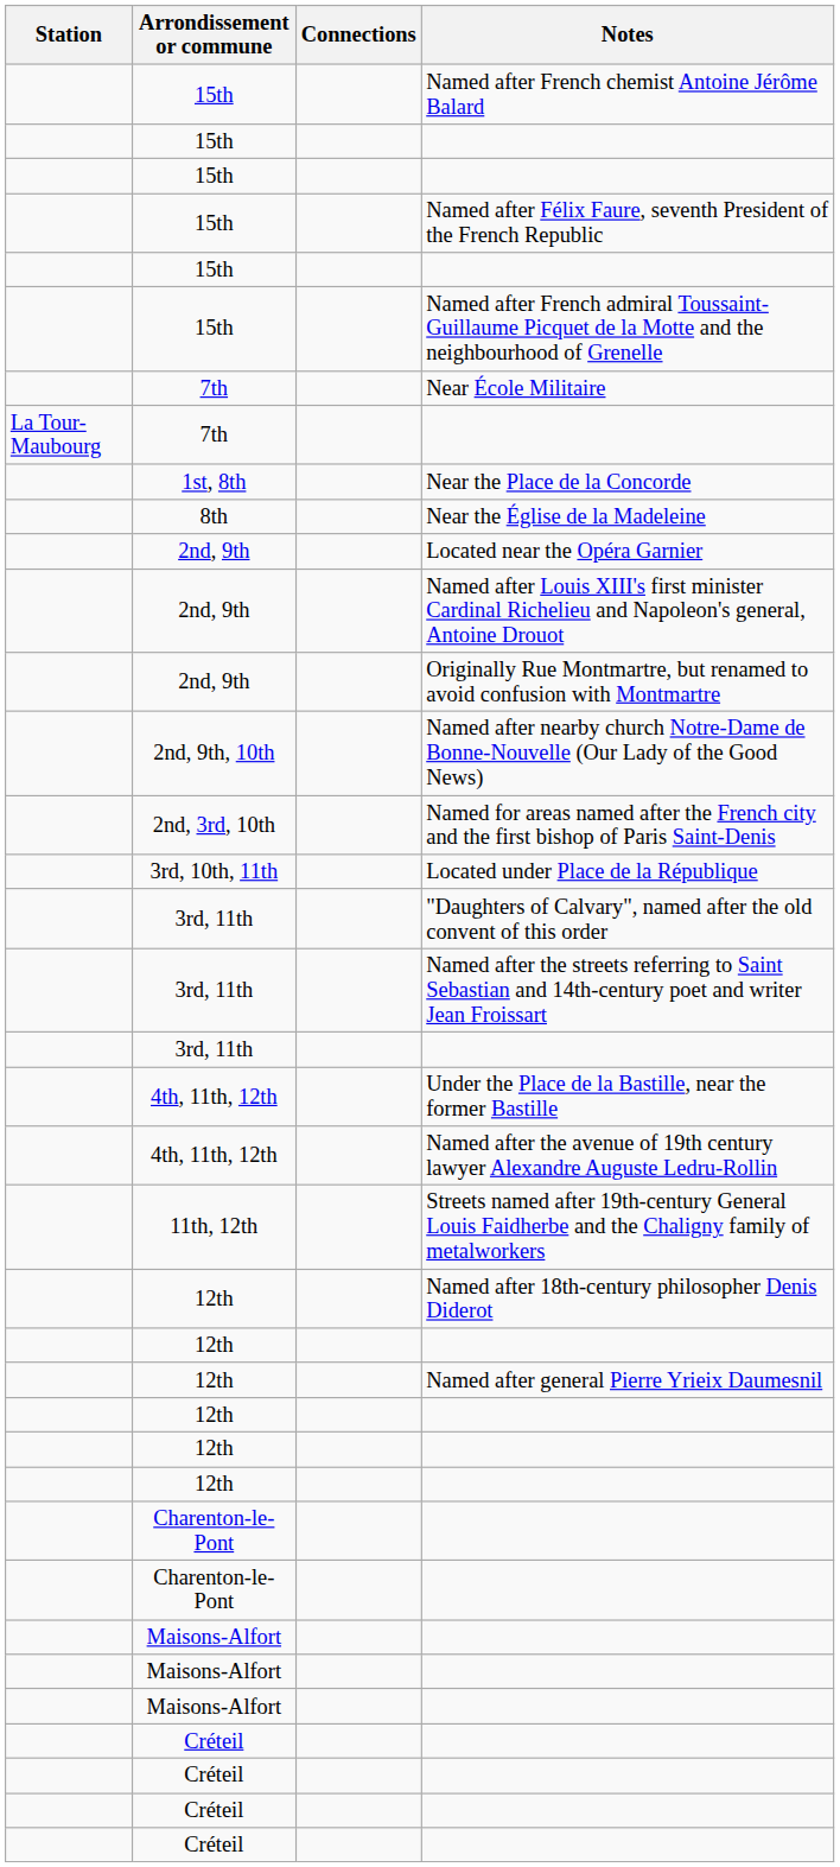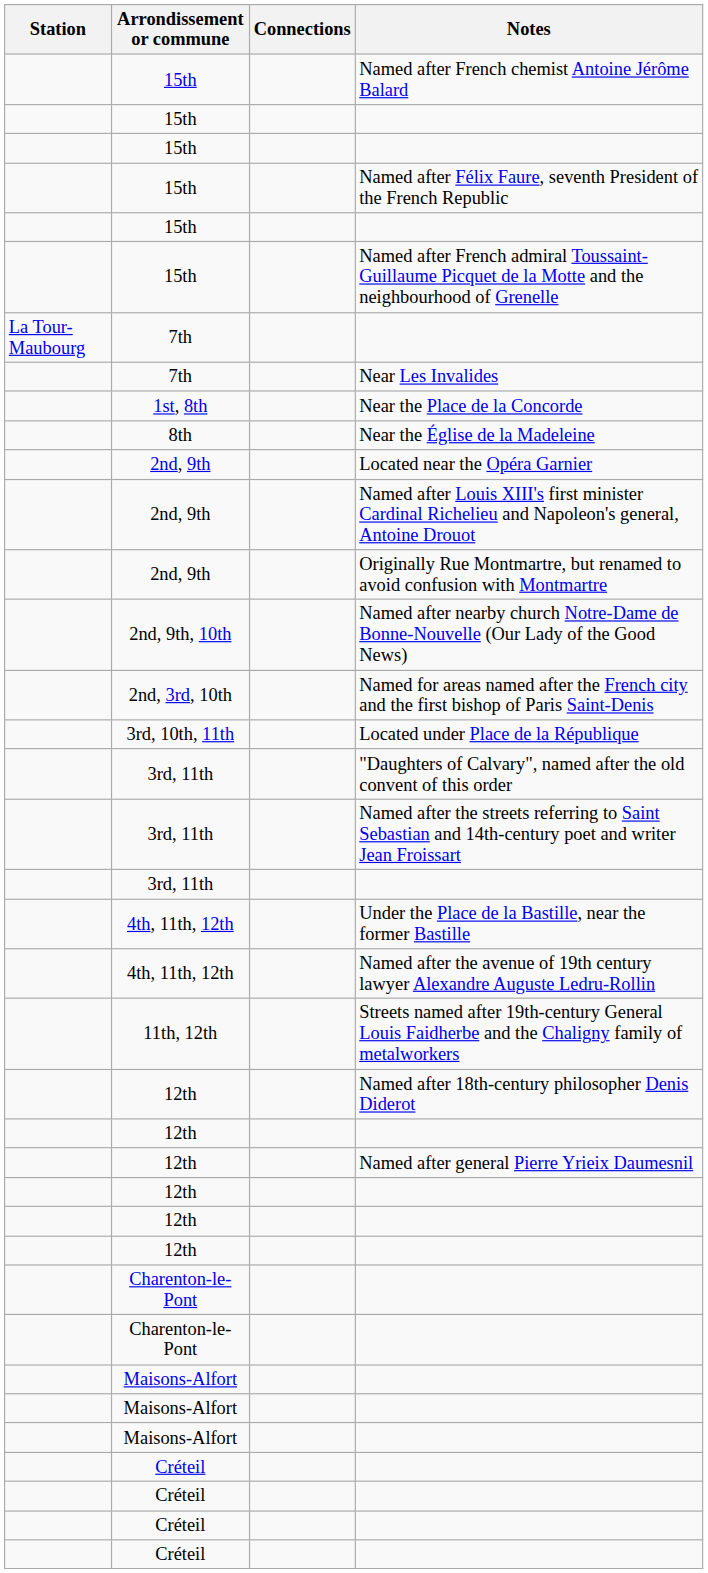 <table class=wikitable>
 <tr>
 <th bgcolor="#b88bc2">Station</th>
 <th style="bgcolor:#b88bc2;">Arrondissement<br>or commune</th>
 <th>Connections</th>
 <th>Notes</th>
 </tr>
 <tr>
 <td></td>
 <td align="center"><a href='#'>15th</a></td>
 <td>  </td>
 <td>Named after French chemist <a href='#'>Antoine Jérôme Balard</a></td>
 </tr>
 <tr>
 <td></td>
 <td align="center">15th</td>
 <td></td>
 <td></td>
 </tr>
 <tr>
 <td></td>
 <td align="center">15th</td>
 <td></td>
 <td></td>
 </tr>
 <tr>
 <td></td>
 <td align="center">15th</td>
 <td></td>
 <td>Named after <a href='#'>Félix Faure</a>, seventh President of the French Republic</td>
 </tr>
 <tr>
 <td></td>
 <td align="center">15th</td>
 <td></td>
 <td></td>
 </tr>
 <tr>
 <td></td>
 <td align="center">15th</td>
 <td></td>
 <td>Named after French admiral <a href='#'>Toussaint-Guillaume Picquet de la Motte</a> and the neighbourhood of <a href='#'>Grenelle</a></td>
 </tr>
 <tr>
-<td></td>
-<td align="center"><a href='#'>7th</a></td>
-<td></td>
-<td>Near <a href='#'>École Militaire</a></td>
-</tr>
-<tr>
 <td><a href='#'>La Tour-Maubourg</a></td>
 <td align="center">7th</td>
 <td></td>
 <td></td>
+</tr>
+<tr>
+<td></td>
+<td align="center">7th</td>
+<td> </td>
+<td>Near <a href='#'>Les Invalides</a></td>
 </tr>
 <tr>
 <td></td>
 <td align="center"><a href='#'>1st</a>, <a href='#'>8th</a></td>
 <td></td>
 <td>Near the <a href='#'>Place de la Concorde</a></td>
 </tr>
 <tr>
 <td></td>
 <td align="center">8th</td>
 <td></td>
 <td>Near the <a href='#'>Église de la Madeleine</a></td>
 </tr>
 <tr>
 <td></td>
 <td align="center"><a href='#'>2nd</a>, <a href='#'>9th</a></td>
 <td> </td>
 <td>Located near the <a href='#'>Opéra Garnier</a></td>
 </tr>
 <tr>
 <td></td>
 <td align="center">2nd, 9th</td>
 <td></td>
 <td>Named after <a href='#'>Louis XIII's</a> first minister <a href='#'>Cardinal Richelieu</a> and Napoleon's general, <a href='#'>Antoine Drouot</a></td>
 </tr>
 <tr>
 <td></td>
 <td align="center">2nd, 9th</td>
 <td></td>
 <td>Originally Rue Montmartre, but renamed to avoid confusion with <a href='#'>Montmartre</a></td>
 </tr>
 <tr>
 <td></td>
 <td align="center">2nd, 9th, <a href='#'>10th</a></td>
 <td></td>
 <td>Named after nearby church <a href='#'>Notre-Dame de Bonne-Nouvelle</a> (Our Lady of the Good News)</td>
 </tr>
 <tr>
 <td></td>
 <td align="center">2nd, <a href='#'>3rd</a>, 10th</td>
 <td></td>
 <td>Named for areas named after the <a href='#'>French city</a> and the first bishop of Paris <a href='#'>Saint-Denis</a></td>
 </tr>
 <tr>
 <td></td>
 <td align="center">3rd, 10th, <a href='#'>11th</a></td>
 <td></td>
 <td>Located under <a href='#'>Place de la République</a></td>
 </tr>
 <tr>
 <td></td>
 <td align="center">3rd, 11th</td>
 <td></td>
 <td>"Daughters of Calvary", named after the old convent of this order</td>
 </tr>
 <tr>
 <td></td>
 <td align="center">3rd, 11th</td>
 <td></td>
 <td>Named after the streets referring to <a href='#'>Saint Sebastian</a> and 14th-century poet and writer <a href='#'>Jean Froissart</a></td>
 </tr>
 <tr>
 <td></td>
 <td align="center">3rd, 11th</td>
 <td></td>
 <td></td>
 </tr>
 <tr>
 <td></td>
 <td align="center"><a href='#'>4th</a>, 11th, <a href='#'>12th</a></td>
 <td></td>
 <td>Under the <a href='#'>Place de la Bastille</a>, near the former <a href='#'>Bastille</a></td>
 </tr>
 <tr>
 <td></td>
 <td align="center">4th, 11th, 12th</td>
 <td></td>
 <td>Named after the avenue of 19th century lawyer <a href='#'>Alexandre Auguste Ledru-Rollin</a></td>
 </tr>
 <tr>
 <td></td>
 <td align="center">11th, 12th</td>
 <td></td>
 <td>Streets named after 19th-century General <a href='#'>Louis Faidherbe</a> and the <a href='#'>Chaligny</a> family of <a href='#'>metalworkers</a></td>
 </tr>
 <tr>
 <td></td>
 <td align="center">12th</td>
 <td></td>
 <td>Named after 18th-century philosopher <a href='#'>Denis Diderot</a></td>
 </tr>
 <tr>
 <td></td>
 <td align="center">12th</td>
 <td></td>
 <td></td>
 </tr>
 <tr>
 <td></td>
 <td align="center">12th</td>
 <td></td>
 <td>Named after general <a href='#'>Pierre Yrieix Daumesnil</a></td>
 </tr>
 <tr>
 <td></td>
 <td align="center">12th</td>
 <td></td>
 <td></td>
 </tr>
 <tr>
 <td></td>
 <td align="center">12th</td>
 <td></td>
 <td></td>
 </tr>
 <tr>
 <td></td>
 <td align="center">12th</td>
 <td></td>
 <td></td>
 </tr>
 <tr>
 <td></td>
 <td align="center"><a href='#'>Charenton-le-Pont</a></td>
 <td></td>
 <td></td>
 </tr>
 <tr>
 <td></td>
 <td align="center">Charenton-le-Pont</td>
 <td></td>
 <td></td>
 </tr>
 <tr>
 <td></td>
 <td align="center"><a href='#'>Maisons-Alfort</a></td>
 <td></td>
 <td></td>
 </tr>
 <tr>
 <td></td>
 <td align="center">Maisons-Alfort</td>
 <td></td>
 <td></td>
 </tr>
 <tr>
 <td></td>
 <td align="center">Maisons-Alfort</td>
 <td></td>
 <td></td>
 </tr>
 <tr>
 <td></td>
 <td align="center"><a href='#'>Créteil</a></td>
 <td></td>
 <td></td>
 </tr>
 <tr>
 <td></td>
 <td align="center">Créteil</td>
 <td></td>
 <td></td>
 </tr>
 <tr>
 <td></td>
 <td align="center">Créteil</td>
 <td></td>
 <td></td>
 </tr>
 <tr>
 <td></td>
 <td align="center">Créteil</td>
 <td></td>
 <td></td>
 </tr>
 </table>
